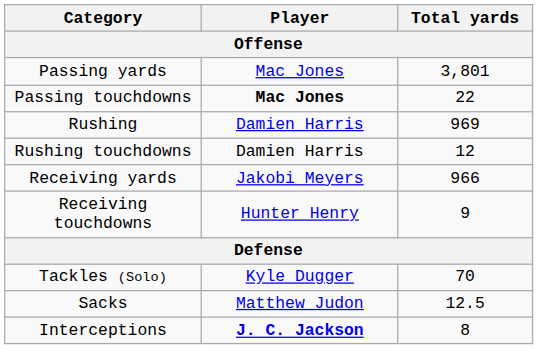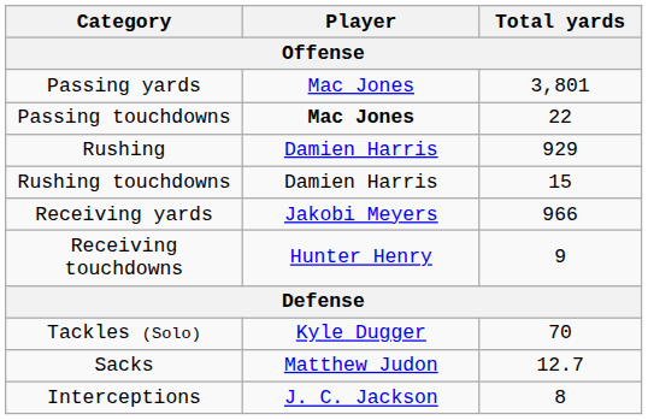 <table class="wikitable" style="text-align:center">
 <tr>
 <th width="150">Category</th>
 <th width="150">Player</th>
 <th width="100">Total yards</th>
 </tr>
 <tr>
 <th align="center" colspan="4">Offense</th>
 </tr>
 <tr>
 <td>Passing yards</td>
 <td><a href='#'>Mac Jones</a></td>
 <td>3,801</td>
 </tr>
 <tr>
 <td>Passing touchdowns</td>
 <td><strong>Mac Jones</strong></td>
 <td>22</td>
 </tr>
 <tr>
 <td>Rushing</td>
 <td><a href='#'>Damien Harris</a></td>
-<td>969</td>
+<td>929</td>
 </tr>
 <tr>
 <td>Rushing touchdowns</td>
 <td>Damien Harris</td>
-<td>12</td>
+<td>15</td>
 </tr>
 <tr>
 <td>Receiving yards</td>
 <td><a href='#'>Jakobi Meyers</a></td>
 <td>966</td>
 </tr>
 <tr>
 <td>Receiving touchdowns</td>
 <td><a href='#'>Hunter Henry</a></td>
 <td>9</td>
 </tr>
 <tr>
 <th align="center" colspan="4">Defense</th>
 </tr>
 <tr>
 <td>Tackles <small>(Solo)</small></td>
 <td><a href='#'>Kyle Dugger</a></td>
 <td>70</td>
 </tr>
 <tr>
 <td>Sacks</td>
 <td><a href='#'>Matthew Judon</a></td>
-<td>12.5</td>
+<td>12.7</td>
 </tr>
 <tr>
 <td>Interceptions</td>
-<td><strong><a href='#'>J. C. Jackson</a></strong></td>
+<td><a href='#'>J. C. Jackson</a></td>
 <td>8</td>
 </tr>
 </table>
